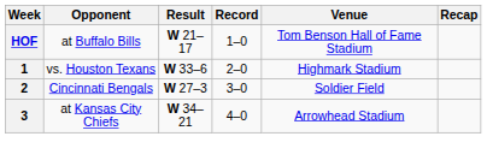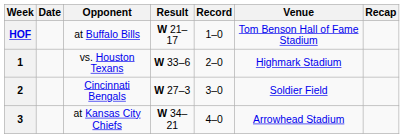 <table class="wikitable" style="text-align:center">
 <tr>
 <th>Week</th>
+<th>Date</th>
 <th>Opponent</th>
 <th>Result</th>
 <th>Record</th>
 <th>Venue</th>
 <th>Recap</th>
 </tr>
 <tr>
 <th><a href='#'>HOF</a></th>
+<td></td>
 <td>at <a href='#'>Buffalo Bills</a></td>
 <td><strong>W</strong> 21–17</td>
 <td>1–0</td>
 <td><a href='#'>Tom Benson Hall of Fame Stadium</a></td>
 <td></td>
 </tr>
 <tr>
 <th>1</th>
+<td></td>
 <td>vs. <a href='#'>Houston Texans</a></td>
 <td><strong>W</strong> 33–6</td>
 <td>2–0</td>
 <td><a href='#'>Highmark Stadium</a></td>
 <td></td>
 </tr>
 <tr>
 <th>2</th>
+<td></td>
 <td><a href='#'>Cincinnati Bengals</a></td>
 <td><strong>W</strong> 27–3</td>
 <td>3–0</td>
 <td><a href='#'>Soldier Field</a></td>
 <td></td>
 </tr>
 <tr>
 <th>3</th>
+<td></td>
 <td>at <a href='#'>Kansas City Chiefs</a></td>
 <td><strong>W</strong> 34–21</td>
 <td>4–0</td>
 <td><a href='#'>Arrowhead Stadium</a></td>
 <td></td>
 </tr>
 </table>
